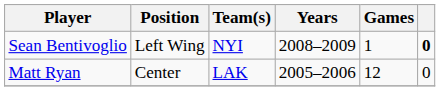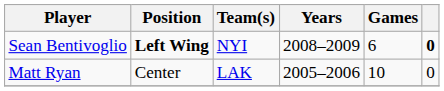 <table class="wikitable sortable">
 <tr>
 <th>Player</th>
 <th>Position</th>
 <th>Team(s)</th>
 <th>Years</th>
 <th>Games</th>
 <th><a href='#'></a></th>
 </tr>
 <tr>
 <td><a href='#'>Sean Bentivoglio</a></td>
-<td>Left Wing</td>
+<td><strong>Left Wing</strong></td>
 <td><a href='#'>NYI</a></td>
 <td>2008–2009</td>
-<td>1</td>
+<td>6</td>
 <td><strong>0</strong></td>
 </tr>
 <tr>
 <td><a href='#'>Matt Ryan</a></td>
 <td>Center</td>
 <td><a href='#'>LAK</a></td>
 <td>2005–2006</td>
-<td>12</td>
+<td>10</td>
 <td>0</td>
 </tr>
 <tr>
 </tr>
 </table>
